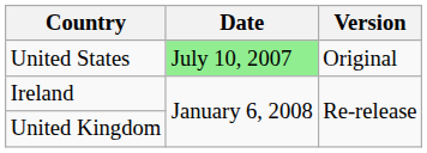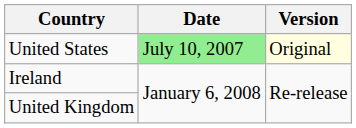 <table class="wikitable">
 <tr>
 <th>Country</th>
 <th>Date</th>
 <th>Version</th>
 </tr>
 <tr>
 <td>United States</td>
 <td style="background: lightgreen;">July 10, 2007</td>
-<td>Original</td>
+<td style="background: lightyellow;">Original</td>
 </tr>
 <tr>
 <td>Ireland</td>
 <td rowspan="2">January 6, 2008</td>
 <td rowspan="2">Re-release</td>
 </tr>
 <tr>
 <td>United Kingdom</td>
 </tr>
 </table>
